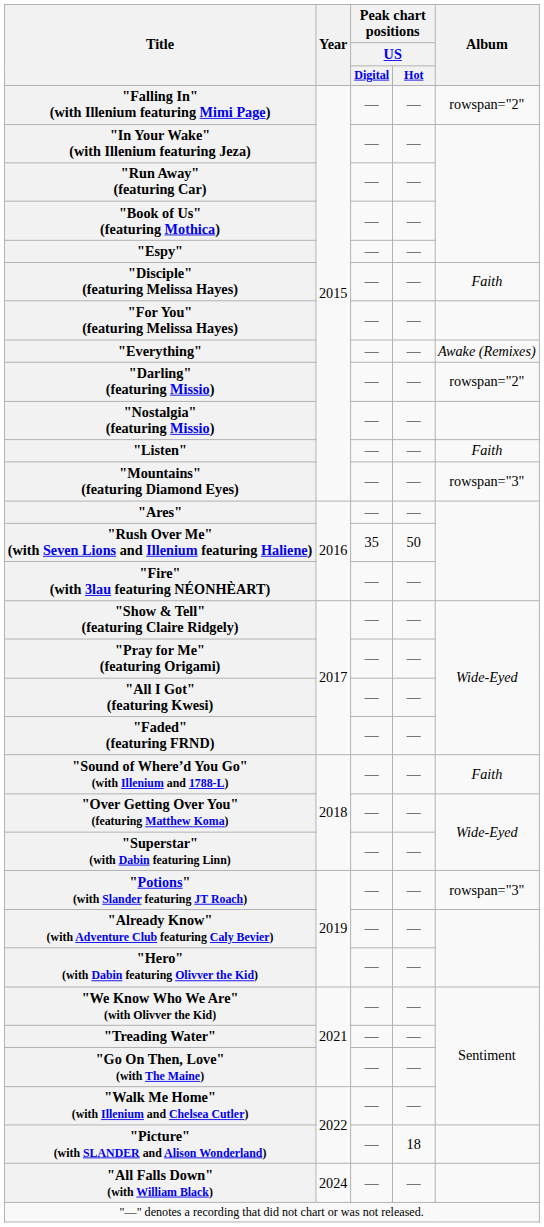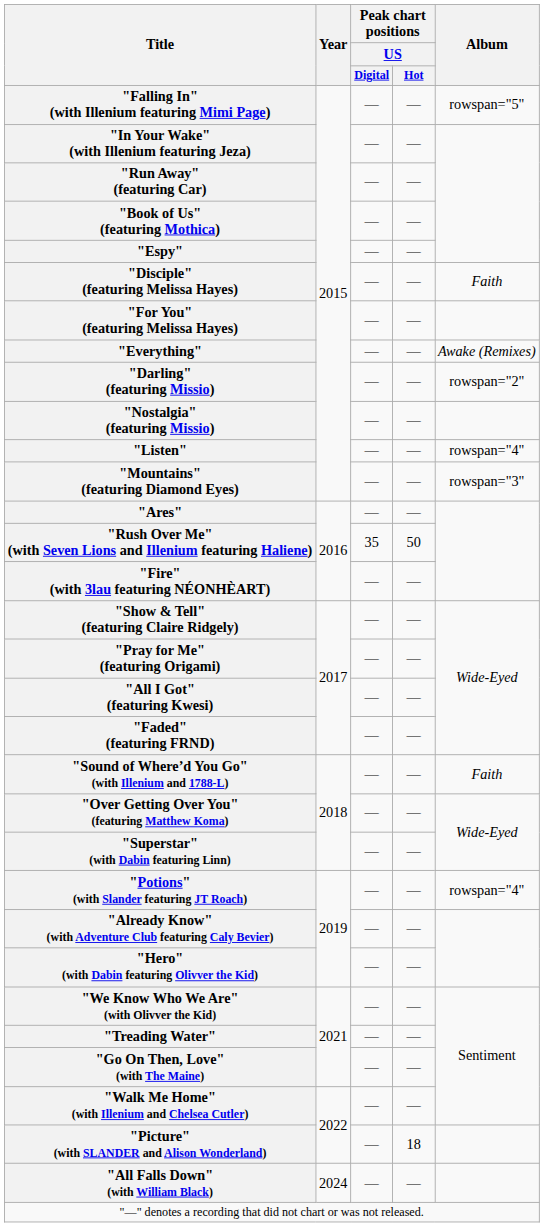 <table class="wikitable plainrowheaders" style="text-align:center">
 <tr>
 <th rowspan="3" scope="col">Title</th>
 <th rowspan="3" scope="col">Year</th>
 <th colspan="2">Peak chart positions</th>
 <th rowspan="3">Album</th>
 </tr>
 <tr>
 <th colspan="2"><a href='#'>US</a></th>
 </tr>
 <tr>
 <th scope="col" style="width:3em;font-size:85%;"><a href='#'>Digital</a></th>
 <th scope="col" style="width:3em;font-size:85%;"><a href='#'>Hot</a></th>
 </tr>
 <tr>
 <th scope="row">"Falling In"<br><span>(with Illenium featuring <a href='#'>Mimi Page</a>)</span></th>
 <td rowspan="12">2015</td>
 <td>—</td>
 <td>—</td>
-<td>rowspan="2" </td>
+<td>rowspan="5" </td>
 </tr>
 <tr>
 <th scope="row">"In Your Wake"<br><span>(with Illenium featuring Jeza)</span></th>
 <td>—</td>
 <td>—</td>
 </tr>
 <tr>
 <th scope="row">"Run Away"<br><span>(featuring Car)</span></th>
 <td>—</td>
 <td>—</td>
 </tr>
 <tr>
 <th scope="row">"Book of Us"<br><span>(featuring <a href='#'>Mothica</a>)</span></th>
 <td>—</td>
 <td>—</td>
 </tr>
 <tr>
 <th scope="row">"Espy"</th>
 <td>—</td>
 <td>—</td>
 </tr>
 <tr>
 <th scope="row">"Disciple"<br><span>(featuring Melissa Hayes)</span></th>
 <td>—</td>
 <td>—</td>
 <td><em>Faith</em></td>
 </tr>
 <tr>
 <th scope="row">"For You"<br><span>(featuring Melissa Hayes)</span></th>
 <td>—</td>
 <td>—</td>
 <td></td>
 </tr>
 <tr>
 <th scope="row">"Everything"</th>
 <td>—</td>
 <td>—</td>
 <td><em>Awake (Remixes)</em></td>
 </tr>
 <tr>
 <th scope="row">"Darling"<br><span>(featuring <a href='#'>Missio</a>)</span></th>
 <td>—</td>
 <td>—</td>
 <td>rowspan="2" </td>
 </tr>
 <tr>
 <th scope="row">"Nostalgia"<br><span>(featuring <a href='#'>Missio</a>)</span></th>
 <td>—</td>
 <td>—</td>
 </tr>
 <tr>
 <th scope="row">"Listen"</th>
 <td>—</td>
 <td>—</td>
-<td><em>Faith</em></td>
+<td>rowspan="4" </td>
 </tr>
 <tr>
 <th scope="row">"Mountains"<br><span>(featuring Diamond Eyes)</span></th>
 <td>—</td>
 <td>—</td>
 <td>rowspan="3" </td>
 </tr>
 <tr>
 <th scope="row">"Ares"</th>
 <td rowspan="3">2016</td>
 <td>—</td>
 <td>—</td>
 </tr>
 <tr>
 <th scope="row">"Rush Over Me"<br><span>(with <a href='#'>Seven Lions</a> and <a href='#'>Illenium</a> featuring <a href='#'>Haliene</a>)</span></th>
 <td>35<br></td>
 <td>50<br></td>
 </tr>
 <tr>
 <th scope="row">"Fire"<br><span>(with <a href='#'>3lau</a> featuring NÉONHÈART)</span></th>
 <td>—</td>
 <td>—</td>
 </tr>
 <tr>
 <th scope="row">"Show & Tell"<br><span>(featuring Claire Ridgely)</span></th>
 <td rowspan="4">2017</td>
 <td>—</td>
 <td>—</td>
 <td rowspan="4"><em>Wide-Eyed</em></td>
 </tr>
 <tr>
 <th scope="row">"Pray for Me"<br><span>(featuring Origami)</span></th>
 <td>—</td>
 <td>—</td>
 </tr>
 <tr>
 <th scope="row">"All I Got"<br><span>(featuring Kwesi)</span></th>
 <td>—</td>
 <td>—</td>
 </tr>
 <tr>
 <th scope="row">"Faded"<br><span>(featuring FRND)</span></th>
 <td>—</td>
 <td>—</td>
 </tr>
 <tr>
 <th scope="row">"Sound of Where’d You Go" <br><small>(with <a href='#'>Illenium</a> and <a href='#'>1788-L</a>)</small></th>
 <td rowspan="3">2018</td>
 <td>—</td>
 <td>—</td>
 <td><em>Faith</em></td>
 </tr>
 <tr>
 <th scope="row">"Over Getting Over You" <br><small>(featuring <a href='#'>Matthew Koma</a>)</small></th>
 <td>—</td>
 <td>—</td>
 <td rowspan="2"><em>Wide-Eyed</em></td>
 </tr>
 <tr>
 <th scope="row">"Superstar" <br><small>(with <a href='#'>Dabin</a> featuring Linn)</small></th>
 <td>—</td>
 <td>—</td>
 </tr>
 <tr>
 <th scope="row">"<a href='#'>Potions</a>" <br><small>(with <a href='#'>Slander</a> featuring <a href='#'>JT Roach</a>)<br></small></th>
 <td rowspan="3">2019</td>
 <td>—</td>
 <td>—</td>
-<td>rowspan="3" </td>
+<td>rowspan="4" </td>
 </tr>
 <tr>
 <th scope="row">"Already Know" <br><small>(with <a href='#'>Adventure Club</a> featuring <a href='#'>Caly Bevier</a>)</small></th>
 <td>—</td>
 <td>—</td>
 </tr>
 <tr>
 <th scope="row">"Hero" <br><small>(with <a href='#'>Dabin</a> featuring <a href='#'>Olivver the Kid</a>)</small></th>
 <td>—</td>
 <td>—</td>
 </tr>
 <tr>
 <th scope="row">"We Know Who We Are" <br><small>(with Olivver the Kid)</small></th>
 <td rowspan="3">2021</td>
 <td>—</td>
 <td>—</td>
 <td rowspan="4">Sentiment</td>
 </tr>
 <tr>
 <th scope="row">"Treading Water"</th>
 <td>—</td>
 <td>—</td>
 </tr>
 <tr>
 <th scope="row">"Go On Then, Love" <br><small>(with <a href='#'>The Maine</a>)</small></th>
 <td>—</td>
 <td>—</td>
 </tr>
 <tr>
 <th scope="row">"Walk Me Home" <br><small>(with <a href='#'>Illenium</a> and <a href='#'>Chelsea Cutler</a>)</small></th>
 <td rowspan="2">2022</td>
 <td>—</td>
 <td>—</td>
 </tr>
 <tr>
 <th scope="row">"Picture" <br><small>(with <a href='#'>SLANDER</a> and <a href='#'>Alison Wonderland</a>)</small></th>
 <td>—</td>
 <td>18</td>
 <td></td>
 </tr>
 <tr>
 <th scope="row">"All Falls Down" <br><small>(with <a href='#'>William Black</a>)</small></th>
 <td>2024</td>
 <td>—</td>
 <td>—</td>
 <td></td>
 </tr>
 <tr>
 <td colspan="5" style="font-size:85%">"—" denotes a recording that did not chart or was not released.</td>
 </tr>
 </table>
